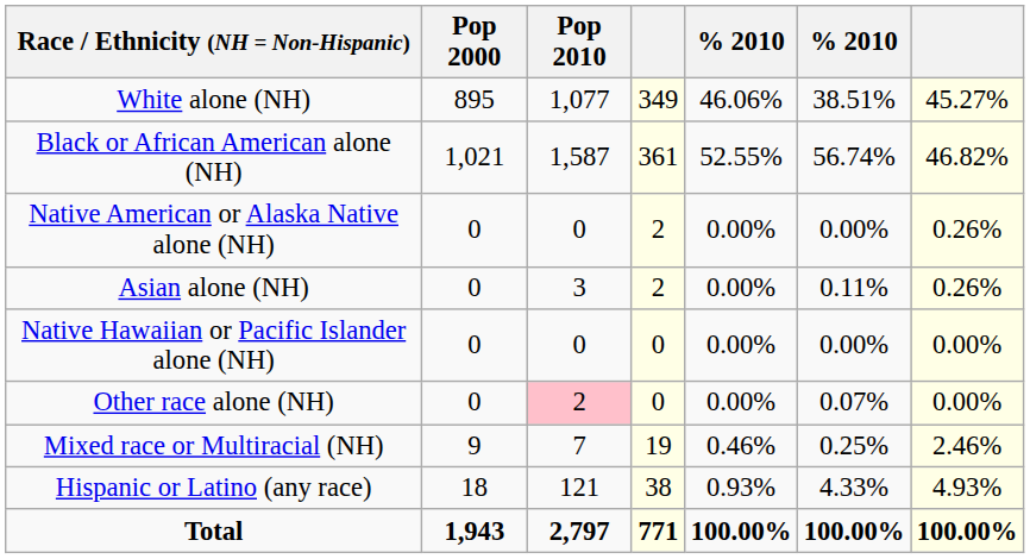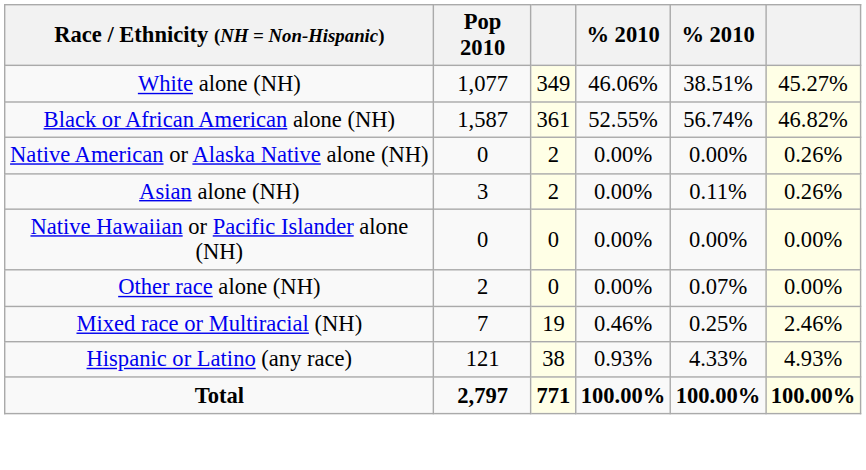 <table class="wikitable" style="text-align:center;">
 <tr>
 <th>Race / Ethnicity <small>(<em>NH = Non-Hispanic</em>)</small></th>
-<th>Pop 2000</th>
 <th>Pop 2010</th>
 <th></th>
 <th>% 2010</th>
 <th>% 2010</th>
 <th></th>
 </tr>
 <tr>
 <td><a href='#'>White</a> alone (NH)</td>
-<td>895</td>
 <td>1,077</td>
 <td style='background: #ffffe6;'>349</td>
 <td>46.06%</td>
 <td>38.51%</td>
 <td style='background: #ffffe6;'>45.27%</td>
 </tr>
 <tr>
 <td><a href='#'>Black or African American</a> alone (NH)</td>
-<td>1,021</td>
 <td>1,587</td>
 <td style='background: #ffffe6;'>361</td>
 <td>52.55%</td>
 <td>56.74%</td>
 <td style='background: #ffffe6;'>46.82%</td>
 </tr>
 <tr>
 <td><a href='#'>Native American</a> or <a href='#'>Alaska Native</a> alone (NH)</td>
 <td>0</td>
-<td>0</td>
 <td style='background: #ffffe6;'>2</td>
 <td>0.00%</td>
 <td>0.00%</td>
 <td style='background: #ffffe6;'>0.26%</td>
 </tr>
 <tr>
 <td><a href='#'>Asian</a> alone (NH)</td>
-<td>0</td>
 <td>3</td>
 <td style='background: #ffffe6;'>2</td>
 <td>0.00%</td>
 <td>0.11%</td>
 <td style='background: #ffffe6;'>0.26%</td>
 </tr>
 <tr>
 <td><a href='#'>Native Hawaiian</a> or <a href='#'>Pacific Islander</a> alone (NH)</td>
 <td>0</td>
-<td>0</td>
 <td style='background: #ffffe6;'>0</td>
 <td>0.00%</td>
 <td>0.00%</td>
 <td style='background: #ffffe6;'>0.00%</td>
 </tr>
 <tr>
 <td><a href='#'>Other race</a> alone (NH)</td>
-<td>0</td>
-<td style="background: pink;">2</td>
+<td>2</td>
 <td style='background: #ffffe6;'>0</td>
 <td>0.00%</td>
 <td>0.07%</td>
 <td style='background: #ffffe6;'>0.00%</td>
 </tr>
 <tr>
 <td><a href='#'>Mixed race or Multiracial</a> (NH)</td>
-<td>9</td>
 <td>7</td>
 <td style='background: #ffffe6;'>19</td>
 <td>0.46%</td>
 <td>0.25%</td>
 <td style='background: #ffffe6;'>2.46%</td>
 </tr>
 <tr>
 <td><a href='#'>Hispanic or Latino</a> (any race)</td>
-<td>18</td>
 <td>121</td>
 <td style='background: #ffffe6;'>38</td>
 <td>0.93%</td>
 <td>4.33%</td>
 <td style='background: #ffffe6;'>4.93%</td>
 </tr>
 <tr>
 <td><strong>Total</strong></td>
-<td><strong>1,943</strong></td>
 <td><strong>2,797</strong></td>
 <td style='background: #ffffe6;'><strong>771</strong></td>
 <td><strong>100.00%</strong></td>
 <td><strong>100.00%</strong></td>
 <td style='background: #ffffe6;'><strong>100.00%</strong></td>
 </tr>
 </table>
